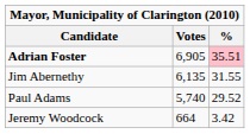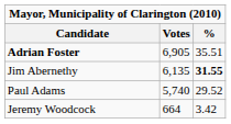 <table class="wikitable">
 <tr>
 <td Colspan="3" align="center"><strong>Mayor, Municipality of Clarington (2010)</strong></td>
 </tr>
 <tr>
 <th bgcolor="#DDDDFF" width="200px">Candidate</th>
 <th bgcolor="#DDDDFF">Votes</th>
 <th bgcolor="#DDDDFF">%</th>
 </tr>
 <tr>
 <td><strong>Adrian Foster</strong></td>
 <td>6,905</td>
-<td style="background: pink;">35.51</td>
+<td>35.51</td>
 </tr>
 <tr>
 <td>Jim Abernethy</td>
 <td>6,135</td>
-<td>31.55</td>
+<td><strong>31.55</strong></td>
 </tr>
 <tr>
 <td>Paul Adams</td>
 <td>5,740</td>
 <td>29.52</td>
 </tr>
 <tr>
 <td>Jeremy Woodcock</td>
 <td>664</td>
 <td>3.42</td>
 </tr>
 </table>
